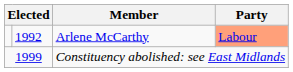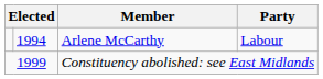 <table class="wikitable">
 <tr>
 <th colspan = "2">Elected</th>
 <th>Member</th>
 <th>Party</th>
 </tr>
 <tr>
 <td style="background-color: "></td>
-<td><a href='#'>1992</a></td>
+<td><a href='#'>1994</a></td>
 <td><a href='#'>Arlene McCarthy</a></td>
-<td style="background: lightsalmon;"><a href='#'>Labour</a></td>
+<td><a href='#'>Labour</a></td>
 </tr>
 <tr>
 <td colspan="2" align="center"><a href='#'>1999</a></td>
 <td colspan="2"><em>Constituency abolished: see <a href='#'>East Midlands</a></em></td>
 </tr>
 </table>
